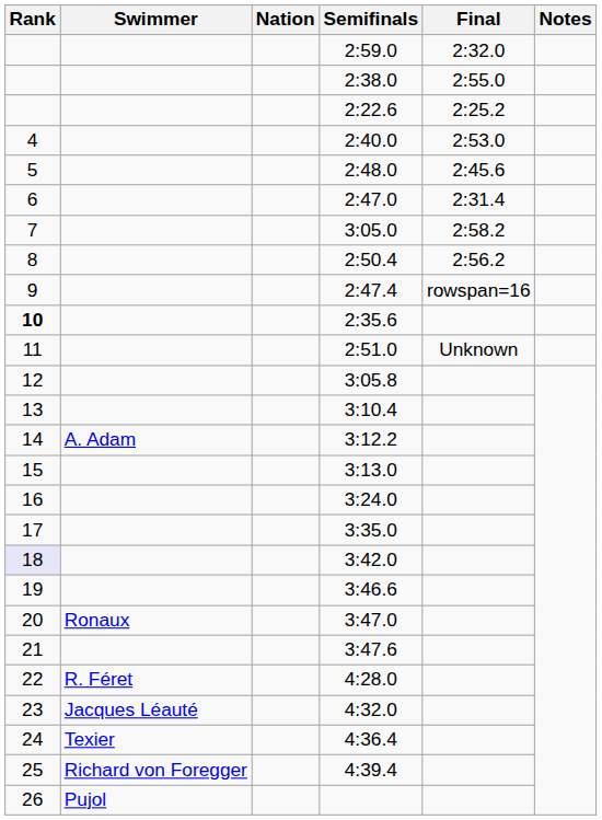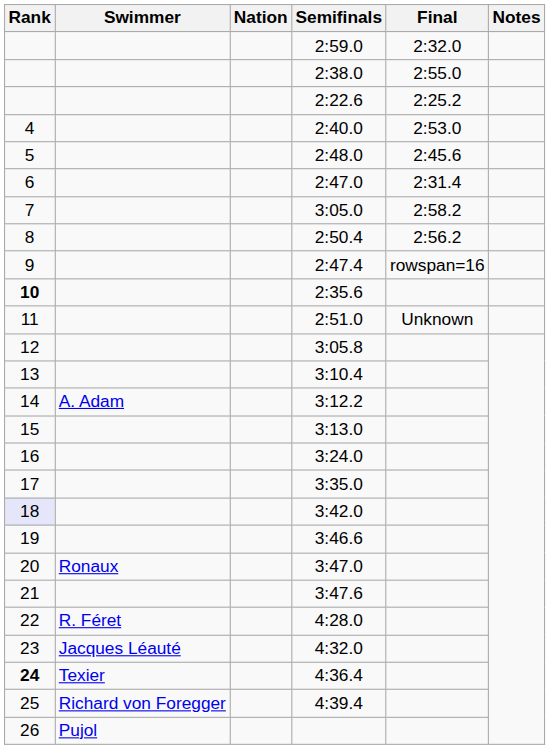 <table class="wikitable sortable" style="text-align:center">
 <tr>
 <th>Rank</th>
 <th>Swimmer</th>
 <th>Nation</th>
 <th>Semifinals</th>
 <th>Final</th>
 <th>Notes</th>
 </tr>
 <tr>
 <td></td>
 <td align=left></td>
 <td align=left></td>
 <td>2:59.0</td>
 <td>2:32.0</td>
 <td></td>
 </tr>
 <tr>
 <td></td>
 <td align=left></td>
 <td align=left></td>
 <td>2:38.0</td>
 <td>2:55.0</td>
 <td></td>
 </tr>
 <tr>
 <td></td>
 <td align=left></td>
 <td align=left></td>
 <td>2:22.6</td>
 <td>2:25.2</td>
 <td></td>
 </tr>
 <tr>
 <td>4</td>
 <td align=left></td>
 <td align=left></td>
 <td>2:40.0</td>
 <td>2:53.0</td>
 <td></td>
 </tr>
 <tr>
 <td>5</td>
 <td align=left></td>
 <td align=left></td>
 <td>2:48.0</td>
 <td>2:45.6</td>
 <td></td>
 </tr>
 <tr>
 <td>6</td>
 <td align=left></td>
 <td align=left></td>
 <td>2:47.0</td>
 <td>2:31.4</td>
 <td></td>
 </tr>
 <tr>
 <td>7</td>
 <td align=left></td>
 <td align=left></td>
 <td>3:05.0</td>
 <td>2:58.2</td>
 <td></td>
 </tr>
 <tr>
 <td>8</td>
 <td align=left></td>
 <td align=left></td>
 <td>2:50.4</td>
 <td>2:56.2</td>
 <td></td>
 </tr>
 <tr>
 <td>9</td>
 <td align=left></td>
 <td align=left></td>
 <td>2:47.4</td>
 <td>rowspan=16 </td>
 <td></td>
 </tr>
 <tr>
 <td><strong>10</strong></td>
 <td align=left></td>
 <td align=left></td>
 <td>2:35.6</td>
 <td data-sort-value=4:00.0></td>
 <td></td>
 </tr>
 <tr>
 <td>11</td>
 <td align=left></td>
 <td align=left></td>
 <td>2:51.0</td>
 <td data-sort-value=3:00.0>Unknown</td>
 <td></td>
 </tr>
 <tr>
 <td>12</td>
 <td align=left></td>
 <td align=left></td>
 <td>3:05.8</td>
 <td></td>
 </tr>
 <tr>
 <td>13</td>
 <td align=left></td>
 <td align=left></td>
 <td>3:10.4</td>
 <td></td>
 </tr>
 <tr>
 <td>14</td>
 <td align=left data-sort-value="Adam, A."><a href='#'>A. Adam</a></td>
 <td align=left></td>
 <td>3:12.2</td>
 <td></td>
 </tr>
 <tr>
 <td>15</td>
 <td align=left></td>
 <td align=left></td>
 <td>3:13.0</td>
 <td></td>
 </tr>
 <tr>
 <td>16</td>
 <td align=left></td>
 <td align=left></td>
 <td>3:24.0</td>
 <td></td>
 </tr>
 <tr>
 <td>17</td>
 <td align=left></td>
 <td align=left></td>
 <td>3:35.0</td>
 <td></td>
 </tr>
 <tr>
 <td style="background: lavender;">18</td>
 <td align=left></td>
 <td align=left></td>
 <td>3:42.0</td>
 <td></td>
 </tr>
 <tr>
 <td>19</td>
 <td align=left></td>
 <td align=left></td>
 <td>3:46.6</td>
 <td></td>
 </tr>
 <tr>
 <td>20</td>
 <td align=left><a href='#'>Ronaux</a></td>
 <td align=left></td>
 <td>3:47.0</td>
 <td></td>
 </tr>
 <tr>
 <td>21</td>
 <td align=left></td>
 <td align=left></td>
 <td>3:47.6</td>
 <td></td>
 </tr>
 <tr>
 <td>22</td>
 <td align=left data-sort-value="Féret, R."><a href='#'>R. Féret</a></td>
 <td align=left></td>
 <td>4:28.0</td>
 <td></td>
 </tr>
 <tr>
 <td>23</td>
 <td align=left data-sort-value="Léauté, Jacques"><a href='#'>Jacques Léauté</a></td>
 <td align=left></td>
 <td>4:32.0</td>
 <td></td>
 </tr>
 <tr>
-<td>24</td>
+<td><strong>24</strong></td>
 <td align=left><a href='#'>Texier</a></td>
 <td align=left></td>
 <td>4:36.4</td>
 <td></td>
 </tr>
 <tr>
 <td>25</td>
 <td align=left data-sort-value="Foregger, Richard von"><a href='#'>Richard von Foregger</a></td>
 <td align=left></td>
 <td>4:39.4</td>
 <td></td>
 </tr>
 <tr>
 <td>26</td>
 <td align=left><a href='#'>Pujol</a></td>
 <td align=left></td>
 <td></td>
 <td></td>
 </tr>
 </table>
